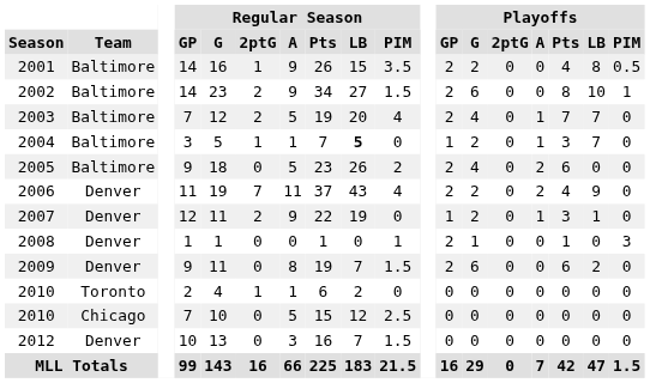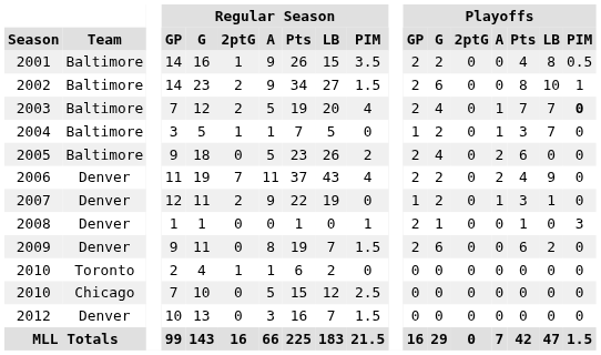 <table BORDER="0" CELLPADDING="3" CELLSPACING="0">
 <tr ALIGN="center" bgcolor="#e0e0e0">
 <th colspan="2" bgcolor="#ffffff"> </th>
 <th rowspan="99" bgcolor="#ffffff"> </th>
 <th colspan="7">Regular Season</th>
 <th rowspan="99" bgcolor="#ffffff"> </th>
 <th colspan="7">Playoffs</th>
 </tr>
 <tr ALIGN="center" bgcolor="#e0e0e0">
 <th>Season</th>
 <th>Team</th>
 <th>GP</th>
 <th>G</th>
 <th>2ptG</th>
 <th>A</th>
 <th>Pts</th>
 <th>LB</th>
 <th>PIM</th>
 <th>GP</th>
 <th>G</th>
 <th>2ptG</th>
 <th>A</th>
 <th>Pts</th>
 <th>LB</th>
 <th>PIM</th>
 </tr>
 <tr ALIGN="center" bgcolor="#f0f0f0">
 <td>2001</td>
 <td>Baltimore</td>
 <td>14</td>
 <td>16</td>
 <td>1</td>
 <td>9</td>
 <td>26</td>
 <td>15</td>
 <td>3.5</td>
 <td>2</td>
 <td>2</td>
 <td>0</td>
 <td>0</td>
 <td>4</td>
 <td>8</td>
 <td>0.5</td>
 </tr>
 <tr ALIGN="center">
 <td>2002</td>
 <td>Baltimore</td>
 <td>14</td>
 <td>23</td>
 <td>2</td>
 <td>9</td>
 <td>34</td>
 <td>27</td>
 <td>1.5</td>
 <td>2</td>
 <td>6</td>
 <td>0</td>
 <td>0</td>
 <td>8</td>
 <td>10</td>
 <td>1</td>
 </tr>
 <tr ALIGN="center" bgcolor="#f0f0f0">
 <td>2003</td>
 <td>Baltimore</td>
 <td>7</td>
 <td>12</td>
 <td>2</td>
 <td>5</td>
 <td>19</td>
 <td>20</td>
 <td>4</td>
 <td>2</td>
 <td>4</td>
 <td>0</td>
 <td>1</td>
 <td>7</td>
 <td>7</td>
-<td>0</td>
+<td><strong>0</strong></td>
 </tr>
 <tr ALIGN="center">
 <td>2004</td>
 <td>Baltimore</td>
 <td>3</td>
 <td>5</td>
 <td>1</td>
 <td>1</td>
 <td>7</td>
-<td><strong>5</strong></td>
+<td>5</td>
 <td>0</td>
 <td>1</td>
 <td>2</td>
 <td>0</td>
 <td>1</td>
 <td>3</td>
 <td>7</td>
 <td>0</td>
 </tr>
 <tr ALIGN="center" bgcolor="#f0f0f0">
 <td>2005</td>
 <td>Baltimore</td>
 <td>9</td>
 <td>18</td>
 <td>0</td>
 <td>5</td>
 <td>23</td>
 <td>26</td>
 <td>2</td>
 <td>2</td>
 <td>4</td>
 <td>0</td>
 <td>2</td>
 <td>6</td>
 <td>0</td>
 <td>0</td>
 </tr>
 <tr ALIGN="center">
 <td>2006</td>
 <td>Denver</td>
 <td>11</td>
 <td>19</td>
 <td>7</td>
 <td>11</td>
 <td>37</td>
 <td>43</td>
 <td>4</td>
 <td>2</td>
 <td>2</td>
 <td>0</td>
 <td>2</td>
 <td>4</td>
 <td>9</td>
 <td>0</td>
 </tr>
 <tr ALIGN="center"	bgcolor="#f0f0f0">
 <td>2007</td>
 <td>Denver</td>
 <td>12</td>
 <td>11</td>
 <td>2</td>
 <td>9</td>
 <td>22</td>
 <td>19</td>
 <td>0</td>
 <td>1</td>
 <td>2</td>
 <td>0</td>
 <td>1</td>
 <td>3</td>
 <td>1</td>
 <td>0</td>
 </tr>
 <tr ALIGN="center">
 <td>2008</td>
 <td>Denver</td>
 <td>1</td>
 <td>1</td>
 <td>0</td>
 <td>0</td>
 <td>1</td>
 <td>0</td>
 <td>1</td>
 <td>2</td>
 <td>1</td>
 <td>0</td>
 <td>0</td>
 <td>1</td>
 <td>0</td>
 <td>3</td>
 </tr>
 <tr ALIGN="center"	bgcolor="#f0f0f0">
 <td>2009</td>
 <td>Denver</td>
 <td>9</td>
 <td>11</td>
 <td>0</td>
 <td>8</td>
 <td>19</td>
 <td>7</td>
 <td>1.5</td>
 <td>2</td>
 <td>6</td>
 <td>0</td>
 <td>0</td>
 <td>6</td>
 <td>2</td>
 <td>0</td>
 </tr>
 <tr ALIGN="center">
 <td>2010</td>
 <td>Toronto</td>
 <td>2</td>
 <td>4</td>
 <td>1</td>
 <td>1</td>
 <td>6</td>
 <td>2</td>
 <td>0</td>
 <td>0</td>
 <td>0</td>
 <td>0</td>
 <td>0</td>
 <td>0</td>
 <td>0</td>
 <td>0</td>
 </tr>
 <tr ALIGN="center"	bgcolor="#f0f0f0">
 <td>2010</td>
 <td>Chicago</td>
 <td>7</td>
 <td>10</td>
 <td>0</td>
 <td>5</td>
 <td>15</td>
 <td>12</td>
 <td>2.5</td>
 <td>0</td>
 <td>0</td>
 <td>0</td>
 <td>0</td>
 <td>0</td>
 <td>0</td>
 <td>0</td>
 </tr>
 <tr ALIGN="center">
 <td>2012</td>
 <td>Denver</td>
 <td>10</td>
 <td>13</td>
 <td>0</td>
 <td>3</td>
 <td>16</td>
 <td>7</td>
 <td>1.5</td>
 <td>0</td>
 <td>0</td>
 <td>0</td>
 <td>0</td>
 <td>0</td>
 <td>0</td>
 <td>0</td>
 </tr>
 <tr ALIGN="center" bgcolor="#e0e0e0">
 <th colspan="2">MLL Totals</th>
 <th>99</th>
 <th>143</th>
 <th>16</th>
 <th>66</th>
 <th>225</th>
 <th>183</th>
 <th>21.5</th>
 <th>16</th>
 <th>29</th>
 <th>0</th>
 <th>7</th>
 <th>42</th>
 <th>47</th>
 <th>1.5</th>
 </tr>
 </table>
